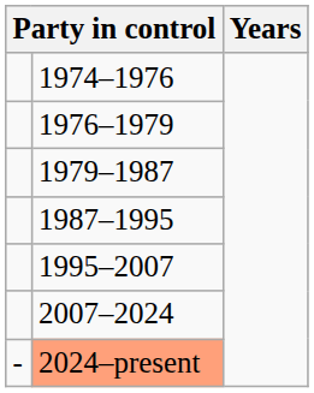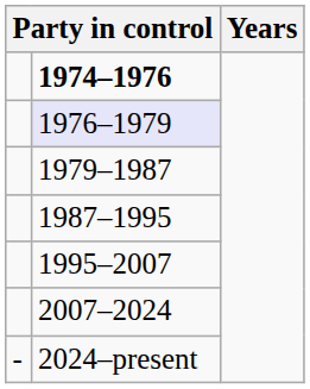 <table class="wikitable">
 <tr>
 <th colspan="2">Party in control</th>
 <th>Years</th>
 </tr>
 <tr>
 <td></td>
-<td>1974–1976</td>
+<td><strong>1974–1976</strong></td>
 </tr>
 <tr>
 <td></td>
-<td>1976–1979</td>
+<td style="background: lavender;">1976–1979</td>
 </tr>
 <tr>
 <td></td>
 <td>1979–1987</td>
 </tr>
 <tr>
 <td></td>
 <td>1987–1995</td>
 </tr>
 <tr>
 <td></td>
 <td>1995–2007</td>
 </tr>
 <tr>
 <td></td>
 <td>2007–2024</td>
 </tr>
 <tr>
 <td>- </td>
-<td style="background: lightsalmon;">2024–present</td>
+<td>2024–present</td>
 </tr>
 </table>
